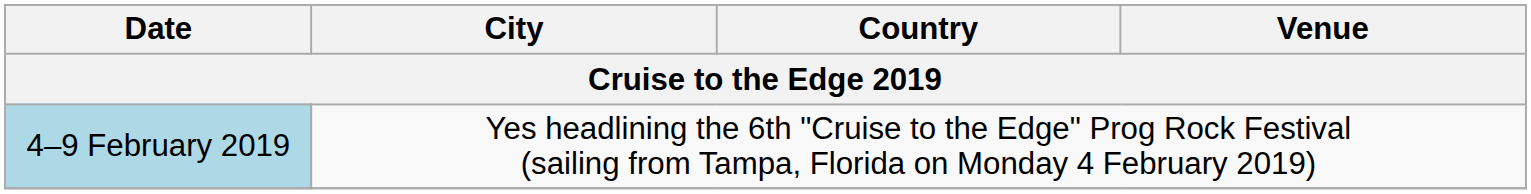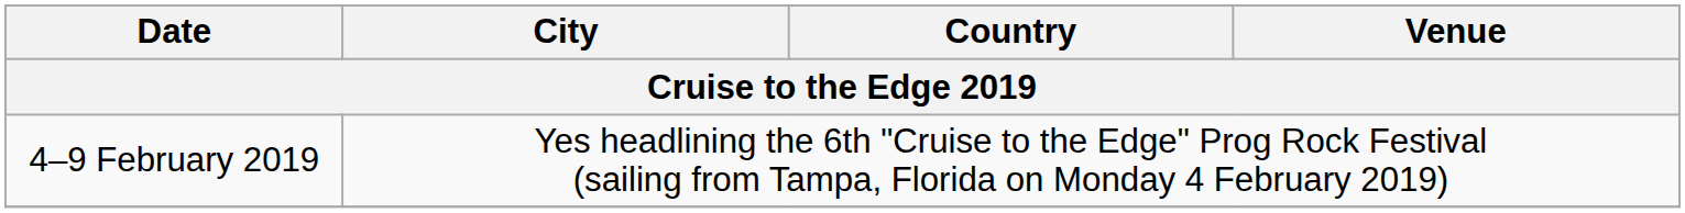 <table class="wikitable" style="text-align:center;">
 <tr>
 <th style="width:150px;">Date</th>
 <th style="width:200px;">City</th>
 <th style="width:200px;">Country</th>
 <th style="width:200px;">Venue</th>
 </tr>
 <tr>
 <th colspan="4">Cruise to the Edge 2019</th>
 </tr>
 <tr>
-<td style="background: lightblue;">4–9 February 2019</td>
+<td>4–9 February 2019</td>
 <td colspan="4">Yes headlining the 6th "Cruise to the Edge" Prog Rock Festival <br>(sailing from Tampa, Florida on Monday 4 February 2019)</td>
 </tr>
 <tr>
 </tr>
 </table>
